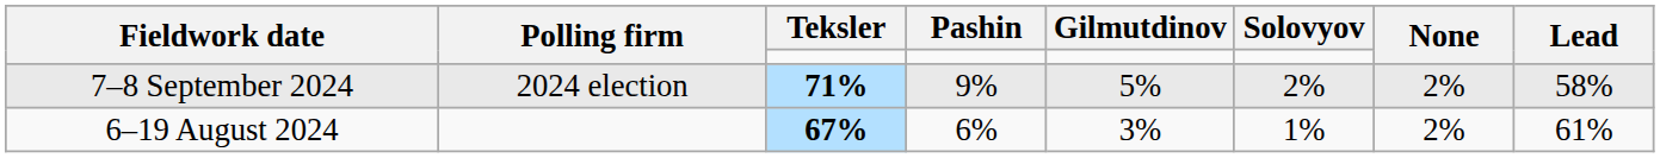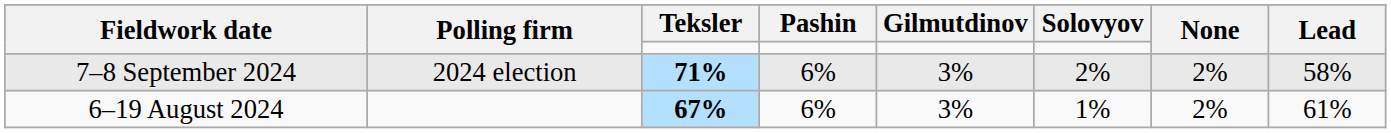 <table class=wikitable style="font-size:95%; line-height:14px; text-align:center">
 <tr>
 <th style=width:200px; rowspan=2>Fieldwork date</th>
 <th style=width:150px; rowspan=2>Polling firm</th>
 <th style="width:60px;">Teksler</th>
 <th style="width:60px;">Pashin</th>
 <th style="width:60px;">Gilmutdinov</th>
 <th style="width:60px;">Solovyov</th>
 <th style="width:60px;" rowspan=2>None</th>
 <th style="width:60px;" rowspan="2">Lead</th>
 </tr>
 <tr>
 <td bgcolor=></td>
 <td bgcolor=></td>
 <td bgcolor=></td>
 <td bgcolor=></td>
 </tr>
 <tr style="background:#E9E9E9;">
 <td>7–8 September 2024</td>
 <td>2024 election</td>
 <td style="background:#B3E0FF"><strong>71%</strong></td>
-<td>9%</td>
-<td>5%</td>
+<td>6%</td>
+<td>3%</td>
 <td>2%</td>
 <td>2%</td>
 <td style="background:">58%</td>
 </tr>
 <tr>
 <td>6–19 August 2024</td>
 <td></td>
 <td style="background:#B3E0FF"><strong>67%</strong></td>
 <td>6%</td>
 <td>3%</td>
 <td>1%</td>
 <td>2%</td>
 <td style="background:">61%</td>
 </tr>
 </table>
